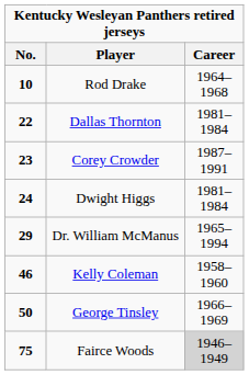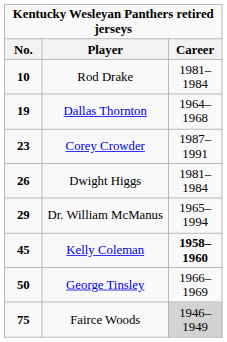 <table class="wikitable sortable" style="text-align:center">
 <tr>
 <td colspan="4"><strong>Kentucky Wesleyan Panthers retired jerseys</strong></td>
 </tr>
 <tr>
 <th width=40px>No.</th>
 <th width=150px>Player</th>
 <th width=60px>Career</th>
 </tr>
 <tr>
 <td><strong>10</strong></td>
 <td>Rod Drake</td>
-<td>1964–1968</td>
+<td>1981–1984</td>
 </tr>
 <tr>
-<td><strong>22</strong></td>
+<td><strong>19</strong></td>
 <td><a href='#'>Dallas Thornton</a></td>
-<td>1981–1984</td>
+<td>1964–1968</td>
 </tr>
 <tr>
 <td><strong>23</strong></td>
 <td><a href='#'>Corey Crowder</a></td>
 <td>1987–1991</td>
 </tr>
 <tr>
-<td><strong>24</strong></td>
+<td><strong>26</strong></td>
 <td>Dwight Higgs</td>
 <td>1981–1984</td>
 </tr>
 <tr>
 <td><strong>29</strong></td>
 <td>Dr. William McManus</td>
 <td>1965–1994</td>
 </tr>
 <tr>
-<td><strong>46</strong></td>
+<td><strong>45</strong></td>
 <td><a href='#'>Kelly Coleman</a></td>
-<td>1958–1960</td>
+<td><strong>1958–1960</strong></td>
 </tr>
 <tr>
 <td><strong>50</strong></td>
 <td><a href='#'>George Tinsley</a></td>
 <td>1966–1969</td>
 </tr>
 <tr>
 <td><strong>75</strong></td>
 <td>Fairce Woods</td>
 <td style="background: lightgrey;">1946–1949</td>
 </tr>
 </table>
